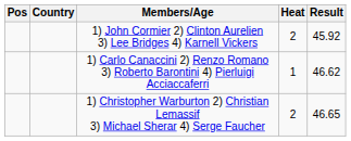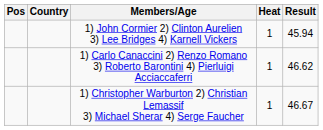 <table class="wikitable"  style="text-align:center; width:80%;">
 <tr>
 <th>Pos</th>
 <th>Country</th>
 <th>Members/Age</th>
 <th>Heat</th>
 <th>Result</th>
 </tr>
 <tr>
 <td align=center></td>
 <td align=left></td>
 <td>1) <a href='#'>John Cormier</a> 2) <a href='#'>Clinton Aurelien</a><br>3) <a href='#'>Lee Bridges</a> 4) <a href='#'>Karnell Vickers</a></td>
-<td>2</td>
-<td>45.92</td>
+<td>1</td>
+<td>45.94</td>
 </tr>
 <tr>
 <td align=center></td>
 <td align=left></td>
 <td>1) <a href='#'>Carlo Canaccini</a> 2) <a href='#'>Renzo Romano</a><br>3) <a href='#'>Roberto Barontini</a> 4) <a href='#'>Pierluigi Acciaccaferri</a></td>
 <td>1</td>
 <td>46.62</td>
 </tr>
 <tr>
 <td align=center></td>
 <td align=left></td>
 <td>1) <a href='#'>Christopher Warburton</a> 2) <a href='#'>Christian Lemassif</a><br>3) <a href='#'>Michael Sherar</a> 4) <a href='#'>Serge Faucher</a></td>
-<td>2</td>
-<td>46.65</td>
+<td>1</td>
+<td>46.67</td>
 </tr>
 </table>
